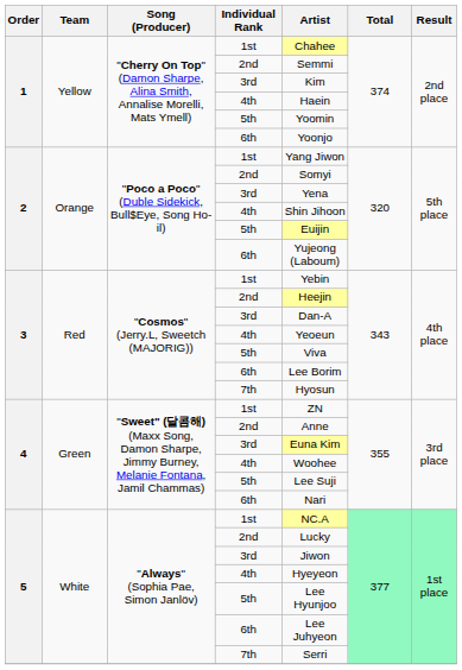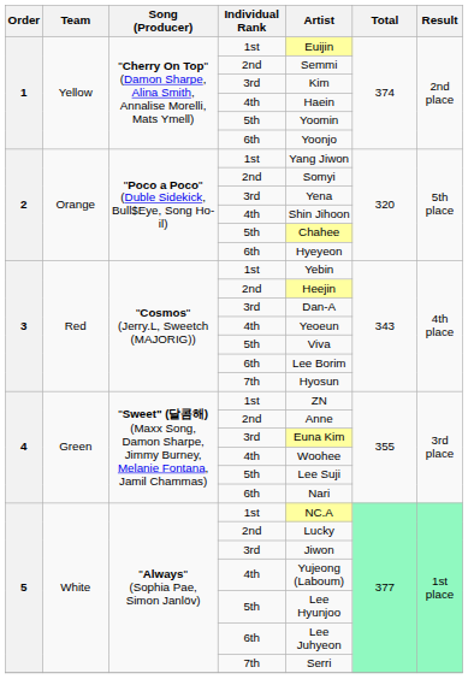 <table class="wikitable sortable" style="text-align:center; width:100%;">
 <tr>
 <th style="width:5%;">Order</th>
 <th style="width:15%;">Team</th>
 <th style="width:25%;">Song<br>(Producer)</th>
 <th style="width:15%;">Individual Rank</th>
 <th style="width:15%;">Artist</th>
 <th style="width:15%;">Total</th>
 <th style="width:10%;">Result</th>
 </tr>
 <tr>
 <th rowspan="6">1</th>
 <td rowspan="6">Yellow</td>
 <td rowspan="6">"<strong>Cherry On Top</strong>"<br>(<a href='#'>Damon Sharpe</a>, <a href='#'>Alina Smith</a>, Annalise Morelli, Mats Ymell)</td>
 <td>1st</td>
-<td style=background:#FFFF9F;>Chahee</td>
+<td style=background:#FFFF9F;>Euijin</td>
 <td rowspan="6">374</td>
 <td rowspan="6">2nd place</td>
 </tr>
 <tr>
 <td>2nd</td>
 <td>Semmi</td>
 </tr>
 <tr>
 <td>3rd</td>
 <td>Kim</td>
 </tr>
 <tr>
 <td>4th</td>
 <td>Haein</td>
 </tr>
 <tr>
 <td>5th</td>
 <td>Yoomin</td>
 </tr>
 <tr>
 <td>6th</td>
 <td>Yoonjo</td>
 </tr>
 <tr>
 <th rowspan="6">2</th>
 <td rowspan="6">Orange</td>
 <td rowspan="6">"<strong>Poco a Poco</strong>"<br>(<a href='#'>Duble Sidekick</a>, Bull$Eye, Song Ho-il)</td>
 <td>1st</td>
 <td>Yang Jiwon</td>
 <td rowspan="6">320</td>
 <td rowspan="6">5th place</td>
 </tr>
 <tr>
 <td>2nd</td>
 <td>Somyi</td>
 </tr>
 <tr>
 <td>3rd</td>
 <td>Yena</td>
 </tr>
 <tr>
 <td>4th</td>
 <td>Shin Jihoon</td>
 </tr>
 <tr>
 <td>5th</td>
-<td style=background:#FFFF9F;>Euijin</td>
+<td style=background:#FFFF9F;>Chahee</td>
 </tr>
 <tr>
 <td>6th</td>
-<td>Yujeong (Laboum)</td>
+<td>Hyeyeon</td>
 </tr>
 <tr>
 <th rowspan="7">3</th>
 <td rowspan="7">Red</td>
 <td rowspan="7">"<strong>Cosmos</strong>"<br>(Jerry.L, Sweetch (MAJORIG))</td>
 <td>1st</td>
 <td>Yebin</td>
 <td rowspan="7">343</td>
 <td rowspan="7">4th place</td>
 </tr>
 <tr>
 <td>2nd</td>
 <td style=background:#FFFF9F;>Heejin</td>
 </tr>
 <tr>
 <td>3rd</td>
 <td>Dan-A</td>
 </tr>
 <tr>
 <td>4th</td>
 <td>Yeoeun</td>
 </tr>
 <tr>
 <td>5th</td>
 <td>Viva</td>
 </tr>
 <tr>
 <td>6th</td>
 <td>Lee Borim</td>
 </tr>
 <tr>
 <td>7th</td>
 <td>Hyosun</td>
 </tr>
 <tr>
 <th rowspan="6">4</th>
 <td rowspan="6">Green</td>
 <td rowspan="6">"<strong>Sweet" (달콤해)</strong> <br>(Maxx Song, Damon Sharpe, Jimmy Burney, <a href='#'>Melanie Fontana</a>, Jamil Chammas)</td>
 <td>1st</td>
 <td>ZN</td>
 <td rowspan="6">355</td>
 <td rowspan="6">3rd place</td>
 </tr>
 <tr>
 <td>2nd</td>
 <td>Anne</td>
 </tr>
 <tr>
 <td>3rd</td>
 <td style=background:#FFFF9F;>Euna Kim</td>
 </tr>
 <tr>
 <td>4th</td>
 <td>Woohee</td>
 </tr>
 <tr>
 <td>5th</td>
 <td>Lee Suji</td>
 </tr>
 <tr>
 <td>6th</td>
 <td>Nari</td>
 </tr>
 <tr>
 <th rowspan="7">5</th>
 <td rowspan="7">White</td>
 <td rowspan="7">"<strong>Always</strong>"<br>(Sophia Pae, Simon Janlöv)</td>
 <td>1st</td>
 <td style=background:#FFFF9F;>NC.A</td>
 <td rowspan="7" style="background:#90F9C0;">377</td>
 <td rowspan="7" style="background:#90F9C0;">1st place</td>
 </tr>
 <tr>
 <td>2nd</td>
 <td>Lucky</td>
 </tr>
 <tr>
 <td>3rd</td>
 <td>Jiwon</td>
 </tr>
 <tr>
 <td>4th</td>
-<td>Hyeyeon</td>
+<td>Yujeong (Laboum)</td>
 </tr>
 <tr>
 <td>5th</td>
 <td>Lee Hyunjoo</td>
 </tr>
 <tr>
 <td>6th</td>
 <td>Lee Juhyeon</td>
 </tr>
 <tr>
 <td>7th</td>
 <td>Serri</td>
 </tr>
 <tr>
 </tr>
 </table>
